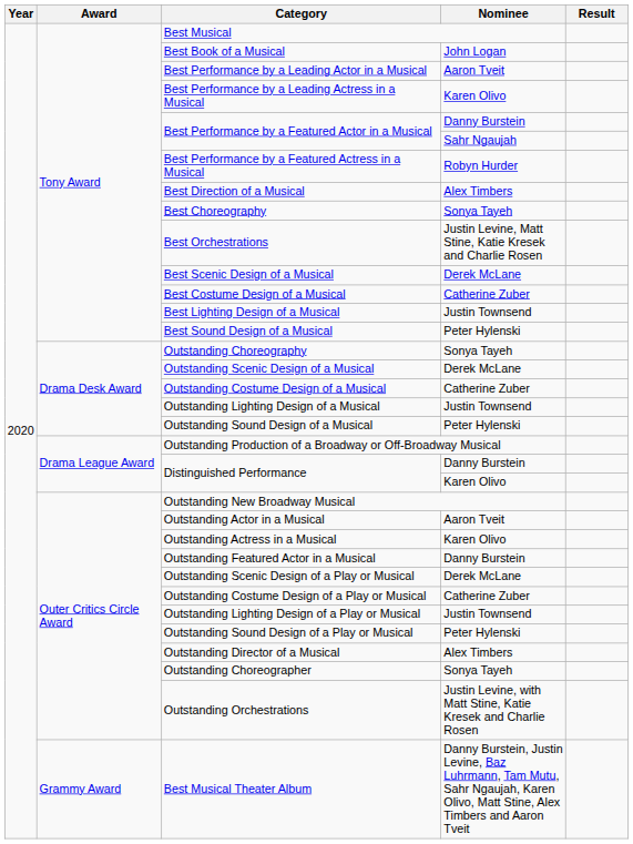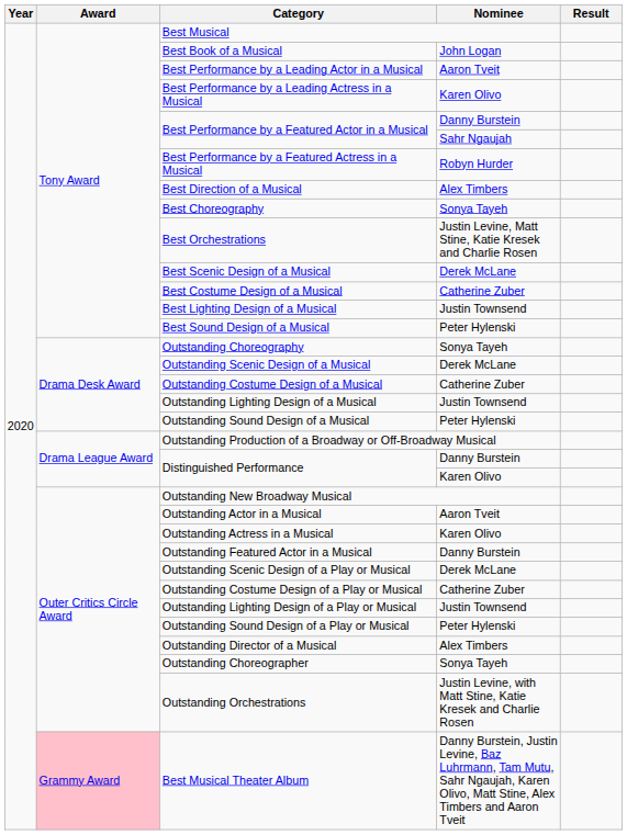 <table class="wikitable" width="95%">
 <tr>
 <th width="5%">Year</th>
 <th width="20%">Award</th>
 <th width="45%">Category</th>
 <th width="20%">Nominee</th>
 <th width="10%">Result</th>
 </tr>
 <tr>
 <td rowspan="34" style="text-align:center;">2020</td>
 <td rowspan="14"><a href='#'>Tony Award</a></td>
 <td colspan="2"><a href='#'>Best Musical</a></td>
 <td></td>
 </tr>
 <tr>
 <td><a href='#'>Best Book of a Musical</a></td>
 <td><a href='#'>John Logan</a></td>
 <td></td>
 </tr>
 <tr>
 <td><a href='#'>Best Performance by a Leading Actor in a Musical</a></td>
 <td><a href='#'>Aaron Tveit</a></td>
 <td></td>
 </tr>
 <tr>
 <td><a href='#'>Best Performance by a Leading Actress in a Musical</a></td>
 <td><a href='#'>Karen Olivo</a></td>
 <td></td>
 </tr>
 <tr>
 <td rowspan="2"><a href='#'>Best Performance by a Featured Actor in a Musical</a></td>
 <td><a href='#'>Danny Burstein</a></td>
 <td></td>
 </tr>
 <tr>
 <td><a href='#'>Sahr Ngaujah</a></td>
 <td></td>
 </tr>
 <tr>
 <td><a href='#'>Best Performance by a Featured Actress in a Musical</a></td>
 <td><a href='#'>Robyn Hurder</a></td>
 <td></td>
 </tr>
 <tr>
 <td><a href='#'>Best Direction of a Musical</a></td>
 <td><a href='#'>Alex Timbers</a></td>
 <td></td>
 </tr>
 <tr>
 <td><a href='#'>Best Choreography</a></td>
 <td><a href='#'>Sonya Tayeh</a></td>
 <td></td>
 </tr>
 <tr>
 <td><a href='#'>Best Orchestrations</a></td>
 <td>Justin Levine, Matt Stine, Katie Kresek and Charlie Rosen</td>
 <td></td>
 </tr>
 <tr>
 <td><a href='#'>Best Scenic Design of a Musical</a></td>
 <td><a href='#'>Derek McLane</a></td>
 <td></td>
 </tr>
 <tr>
 <td><a href='#'>Best Costume Design of a Musical</a></td>
 <td><a href='#'>Catherine Zuber</a></td>
 <td></td>
 </tr>
 <tr>
 <td><a href='#'>Best Lighting Design of a Musical</a></td>
 <td>Justin Townsend</td>
 <td></td>
 </tr>
 <tr>
 <td><a href='#'>Best Sound Design of a Musical</a></td>
 <td>Peter Hylenski</td>
 <td></td>
 </tr>
 <tr>
 <td rowspan="5"><a href='#'>Drama Desk Award</a></td>
 <td><a href='#'>Outstanding Choreography</a></td>
 <td>Sonya Tayeh</td>
 <td></td>
 </tr>
 <tr>
 <td><a href='#'>Outstanding Scenic Design of a Musical</a></td>
 <td>Derek McLane</td>
 <td></td>
 </tr>
 <tr>
 <td><a href='#'>Outstanding Costume Design of a Musical</a></td>
 <td>Catherine Zuber</td>
 <td></td>
 </tr>
 <tr>
 <td>Outstanding Lighting Design of a Musical</td>
 <td>Justin Townsend</td>
 <td></td>
 </tr>
 <tr>
 <td>Outstanding Sound Design of a Musical</td>
 <td>Peter Hylenski</td>
 <td></td>
 </tr>
 <tr>
 <td rowspan="3"><a href='#'>Drama League Award</a></td>
 <td colspan="2">Outstanding Production of a Broadway or Off-Broadway Musical</td>
 <td></td>
 </tr>
 <tr>
 <td rowspan="2">Distinguished Performance</td>
 <td>Danny Burstein</td>
 <td></td>
 </tr>
 <tr>
 <td>Karen Olivo</td>
 <td></td>
 </tr>
 <tr>
 <td rowspan="11"><a href='#'>Outer Critics Circle Award</a></td>
 <td colspan="2">Outstanding New Broadway Musical</td>
 <td></td>
 </tr>
 <tr>
 <td>Outstanding Actor in a Musical</td>
 <td>Aaron Tveit</td>
 <td></td>
 </tr>
 <tr>
 <td>Outstanding Actress in a Musical</td>
 <td>Karen Olivo</td>
 <td></td>
 </tr>
 <tr>
 <td>Outstanding Featured Actor in a Musical</td>
 <td>Danny Burstein</td>
 <td></td>
 </tr>
 <tr>
 <td>Outstanding Scenic Design of a Play or Musical</td>
 <td>Derek McLane</td>
 <td></td>
 </tr>
 <tr>
 <td>Outstanding Costume Design of a Play or Musical</td>
 <td>Catherine Zuber</td>
 <td></td>
 </tr>
 <tr>
 <td>Outstanding Lighting Design of a Play or Musical</td>
 <td>Justin Townsend</td>
 <td></td>
 </tr>
 <tr>
 <td>Outstanding Sound Design of a Play or Musical</td>
 <td>Peter Hylenski</td>
 <td></td>
 </tr>
 <tr>
 <td>Outstanding Director of a Musical</td>
 <td>Alex Timbers</td>
 <td></td>
 </tr>
 <tr>
 <td>Outstanding Choreographer</td>
 <td>Sonya Tayeh</td>
 <td></td>
 </tr>
 <tr>
 <td>Outstanding Orchestrations</td>
 <td>Justin Levine, with Matt Stine, Katie Kresek and Charlie Rosen</td>
 <td></td>
 </tr>
 <tr>
-<td><a href='#'>Grammy Award</a></td>
+<td style="background: pink;"><a href='#'>Grammy Award</a></td>
 <td><a href='#'>Best Musical Theater Album</a></td>
 <td>Danny Burstein, Justin Levine, <a href='#'>Baz Luhrmann</a>, <a href='#'>Tam Mutu</a>, Sahr Ngaujah, Karen Olivo, Matt Stine, Alex Timbers and Aaron Tveit</td>
 <td></td>
 </tr>
 </table>
